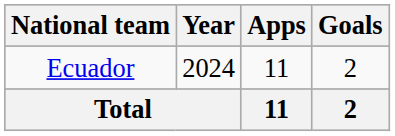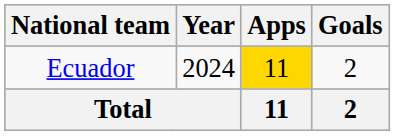 <table class="wikitable" style="text-align: center;">
 <tr>
 <th>National team</th>
 <th>Year</th>
 <th>Apps</th>
 <th>Goals</th>
 </tr>
 <tr>
 <td rowspan="1"><a href='#'>Ecuador</a></td>
 <td>2024</td>
-<td>11</td>
+<td style="background: gold;">11</td>
 <td>2</td>
 </tr>
 <tr>
 <th colspan="2">Total</th>
 <th>11</th>
 <th>2</th>
 </tr>
 </table>
